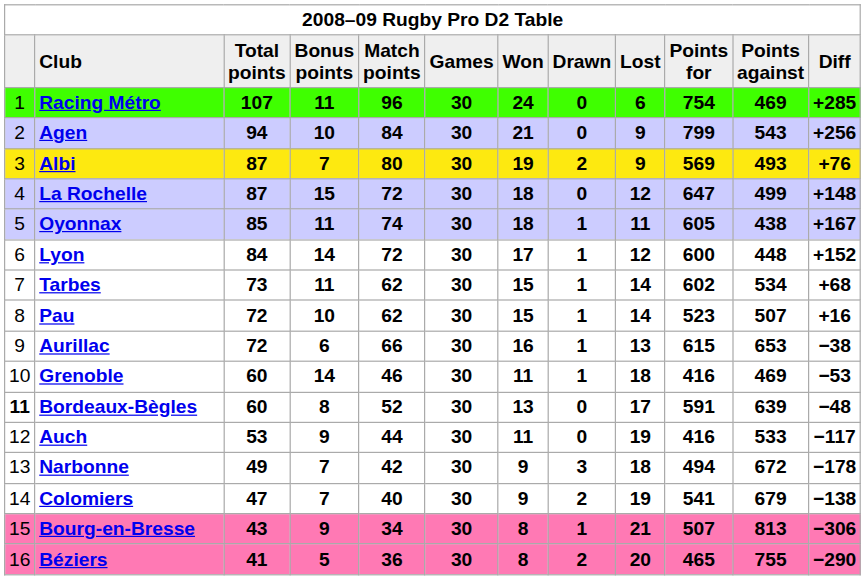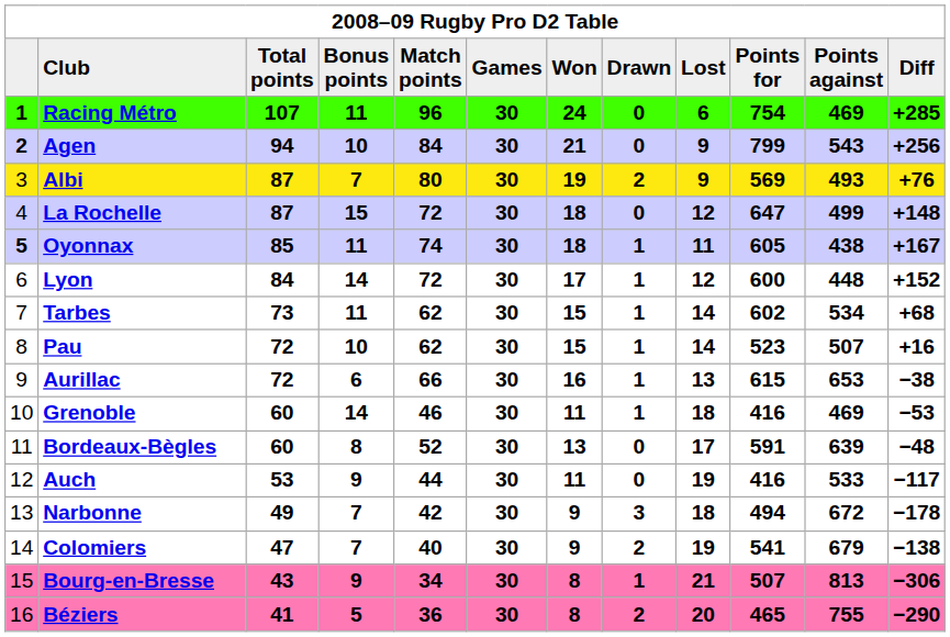 <table class="wikitable" style="float:left; margin-right:15px; text-align: center;">
 <tr>
 <td colspan="12" style="background:#fff;" cellpadding="0" cellspacing="0"><strong>2008–09 Rugby Pro D2 Table</strong></td>
 </tr>
 <tr>
 <th style="background:#efefef; width:10px;"></th>
 <th style="text-align:left; background:#efefef; width:150px;">Club</th>
 <th style="background:#efefef; width:20px;">Total points</th>
 <th style="background:#efefef; width:20px;">Bonus points</th>
 <th style="background:#efefef; width:20px;">Match points</th>
 <th style="background:#efefef; width:20px;">Games</th>
 <th style="background:#efefef; width:20px;">Won</th>
 <th style="background:#efefef; width:20px;">Drawn</th>
 <th style="background:#efefef; width:20px;">Lost</th>
 <th style="background:#efefef; width:20px;">Points for</th>
 <th style="background:#efefef; width:20px;">Points against</th>
 <th style="background:#efefef; width:20px;">Diff</th>
 </tr>
 <tr style="background:#3fff00; text-align:center;">
-<td>1</td>
+<td><strong>1</strong></td>
 <td align=left><strong><a href='#'>Racing Métro</a></strong></td>
 <td><strong>107</strong></td>
 <td><strong>11</strong></td>
 <td><strong>96</strong></td>
 <td><strong>30</strong></td>
 <td><strong>24</strong></td>
 <td><strong>0</strong></td>
 <td><strong>6</strong></td>
 <td><strong>754</strong></td>
 <td><strong>469</strong></td>
 <td><strong>+285</strong></td>
 </tr>
 <tr style="background:#ccf; text-align:center;">
-<td>2</td>
+<td><strong>2</strong></td>
 <td align=left><strong><a href='#'>Agen</a></strong></td>
 <td><strong>94</strong></td>
 <td><strong>10</strong></td>
 <td><strong>84</strong></td>
 <td><strong>30</strong></td>
 <td><strong>21</strong></td>
 <td><strong>0</strong></td>
 <td><strong>9</strong></td>
 <td><strong>799</strong></td>
 <td><strong>543</strong></td>
 <td><strong>+256</strong></td>
 </tr>
 <tr style="background:#fde910; text-align:center;">
 <td>3</td>
 <td align=left><strong><a href='#'>Albi</a></strong></td>
 <td><strong>87</strong></td>
 <td><strong>7</strong></td>
 <td><strong>80</strong></td>
 <td><strong>30</strong></td>
 <td><strong>19</strong></td>
 <td><strong>2</strong></td>
 <td><strong>9</strong></td>
 <td><strong>569</strong></td>
 <td><strong>493</strong></td>
 <td><strong>+76</strong></td>
 </tr>
 <tr style="background:#ccf; text-align:center;">
 <td>4</td>
 <td align=left><strong><a href='#'>La Rochelle</a></strong></td>
 <td><strong>87</strong></td>
 <td><strong>15</strong></td>
 <td><strong>72</strong></td>
 <td><strong>30</strong></td>
 <td><strong>18</strong></td>
 <td><strong>0</strong></td>
 <td><strong>12</strong></td>
 <td><strong>647</strong></td>
 <td><strong>499</strong></td>
 <td><strong>+148</strong></td>
 </tr>
 <tr style="background:#ccf; text-align:center;">
-<td>5</td>
+<td><strong>5</strong></td>
 <td align=left><strong><a href='#'>Oyonnax</a></strong></td>
 <td><strong>85</strong></td>
 <td><strong>11</strong></td>
 <td><strong>74</strong></td>
 <td><strong>30</strong></td>
 <td><strong>18</strong></td>
 <td><strong>1</strong></td>
 <td><strong>11</strong></td>
 <td><strong>605</strong></td>
 <td><strong>438</strong></td>
 <td><strong>+167</strong></td>
 </tr>
 <tr style="background:#fff; text-align:center;">
 <td>6</td>
 <td align=left><strong><a href='#'>Lyon</a></strong></td>
 <td><strong>84</strong></td>
 <td><strong>14</strong></td>
 <td><strong>72</strong></td>
 <td><strong>30</strong></td>
 <td><strong>17</strong></td>
 <td><strong>1</strong></td>
 <td><strong>12</strong></td>
 <td><strong>600</strong></td>
 <td><strong>448</strong></td>
 <td><strong>+152</strong></td>
 </tr>
 <tr style="background:#fff; text-align:center;">
 <td>7</td>
 <td align=left><strong><a href='#'>Tarbes</a></strong></td>
 <td><strong>73</strong></td>
 <td><strong>11</strong></td>
 <td><strong>62</strong></td>
 <td><strong>30</strong></td>
 <td><strong>15</strong></td>
 <td><strong>1</strong></td>
 <td><strong>14</strong></td>
 <td><strong>602</strong></td>
 <td><strong>534</strong></td>
 <td><strong>+68</strong></td>
 </tr>
 <tr style="background:#fff; text-align:center;">
 <td>8</td>
 <td align=left><strong><a href='#'>Pau</a></strong></td>
 <td><strong>72</strong></td>
 <td><strong>10</strong></td>
 <td><strong>62</strong></td>
 <td><strong>30</strong></td>
 <td><strong>15</strong></td>
 <td><strong>1</strong></td>
 <td><strong>14</strong></td>
 <td><strong>523</strong></td>
 <td><strong>507</strong></td>
 <td><strong>+16</strong></td>
 </tr>
 <tr style="background:#fff; text-align:center;">
 <td>9</td>
 <td align=left><strong><a href='#'>Aurillac</a></strong></td>
 <td><strong>72</strong></td>
 <td><strong>6</strong></td>
 <td><strong>66</strong></td>
 <td><strong>30</strong></td>
 <td><strong>16</strong></td>
 <td><strong>1</strong></td>
 <td><strong>13</strong></td>
 <td><strong>615</strong></td>
 <td><strong>653</strong></td>
 <td><strong>−38</strong></td>
 </tr>
 <tr style="background:#fff; text-align:center;">
 <td>10</td>
 <td align=left><strong><a href='#'>Grenoble</a></strong></td>
 <td><strong>60</strong></td>
 <td><strong>14</strong></td>
 <td><strong>46</strong></td>
 <td><strong>30</strong></td>
 <td><strong>11</strong></td>
 <td><strong>1</strong></td>
 <td><strong>18</strong></td>
 <td><strong>416</strong></td>
 <td><strong>469</strong></td>
 <td><strong>−53</strong></td>
 </tr>
 <tr style="background:#fff; text-align:center;">
-<td><strong>11</strong></td>
+<td>11</td>
 <td align=left><strong><a href='#'>Bordeaux-Bègles</a></strong></td>
 <td><strong>60</strong></td>
 <td><strong>8</strong></td>
 <td><strong>52</strong></td>
 <td><strong>30</strong></td>
 <td><strong>13</strong></td>
 <td><strong>0</strong></td>
 <td><strong>17</strong></td>
 <td><strong>591</strong></td>
 <td><strong>639</strong></td>
 <td><strong>−48</strong></td>
 </tr>
 <tr style="background:#fff; text-align:center;">
 <td>12</td>
 <td align=left><strong><a href='#'>Auch</a></strong></td>
 <td><strong>53</strong></td>
 <td><strong>9</strong></td>
 <td><strong>44</strong></td>
 <td><strong>30</strong></td>
 <td><strong>11</strong></td>
 <td><strong>0</strong></td>
 <td><strong>19</strong></td>
 <td><strong>416</strong></td>
 <td><strong>533</strong></td>
 <td><strong>−117</strong></td>
 </tr>
 <tr style="background:#fff; text-align:center;">
 <td>13</td>
 <td align=left><strong><a href='#'>Narbonne</a></strong></td>
 <td><strong>49</strong></td>
 <td><strong>7</strong></td>
 <td><strong>42</strong></td>
 <td><strong>30</strong></td>
 <td><strong>9</strong></td>
 <td><strong>3</strong></td>
 <td><strong>18</strong></td>
 <td><strong>494</strong></td>
 <td><strong>672</strong></td>
 <td><strong>−178</strong></td>
 </tr>
 <tr style="background:#fff; text-align:center;">
 <td>14</td>
 <td align=left><strong><a href='#'>Colomiers</a></strong></td>
 <td><strong>47</strong></td>
 <td><strong>7</strong></td>
 <td><strong>40</strong></td>
 <td><strong>30</strong></td>
 <td><strong>9</strong></td>
 <td><strong>2</strong></td>
 <td><strong>19</strong></td>
 <td><strong>541</strong></td>
 <td><strong>679</strong></td>
 <td><strong>−138</strong></td>
 </tr>
 <tr style="background:#ff79b4; text-align:center;">
 <td>15</td>
 <td align=left><strong><a href='#'>Bourg-en-Bresse</a></strong></td>
 <td><strong>43</strong></td>
 <td><strong>9</strong></td>
 <td><strong>34</strong></td>
 <td><strong>30</strong></td>
 <td><strong>8</strong></td>
 <td><strong>1</strong></td>
 <td><strong>21</strong></td>
 <td><strong>507</strong></td>
 <td><strong>813</strong></td>
 <td><strong>−306</strong></td>
 </tr>
 <tr style="background:#ff79b4; text-align:center;">
 <td>16</td>
 <td align=left><strong><a href='#'>Béziers</a></strong></td>
 <td><strong>41</strong></td>
 <td><strong>5</strong></td>
 <td><strong>36</strong></td>
 <td><strong>30</strong></td>
 <td><strong>8</strong></td>
 <td><strong>2</strong></td>
 <td><strong>20</strong></td>
 <td><strong>465</strong></td>
 <td><strong>755</strong></td>
 <td><strong>−290</strong></td>
 </tr>
 </table>
